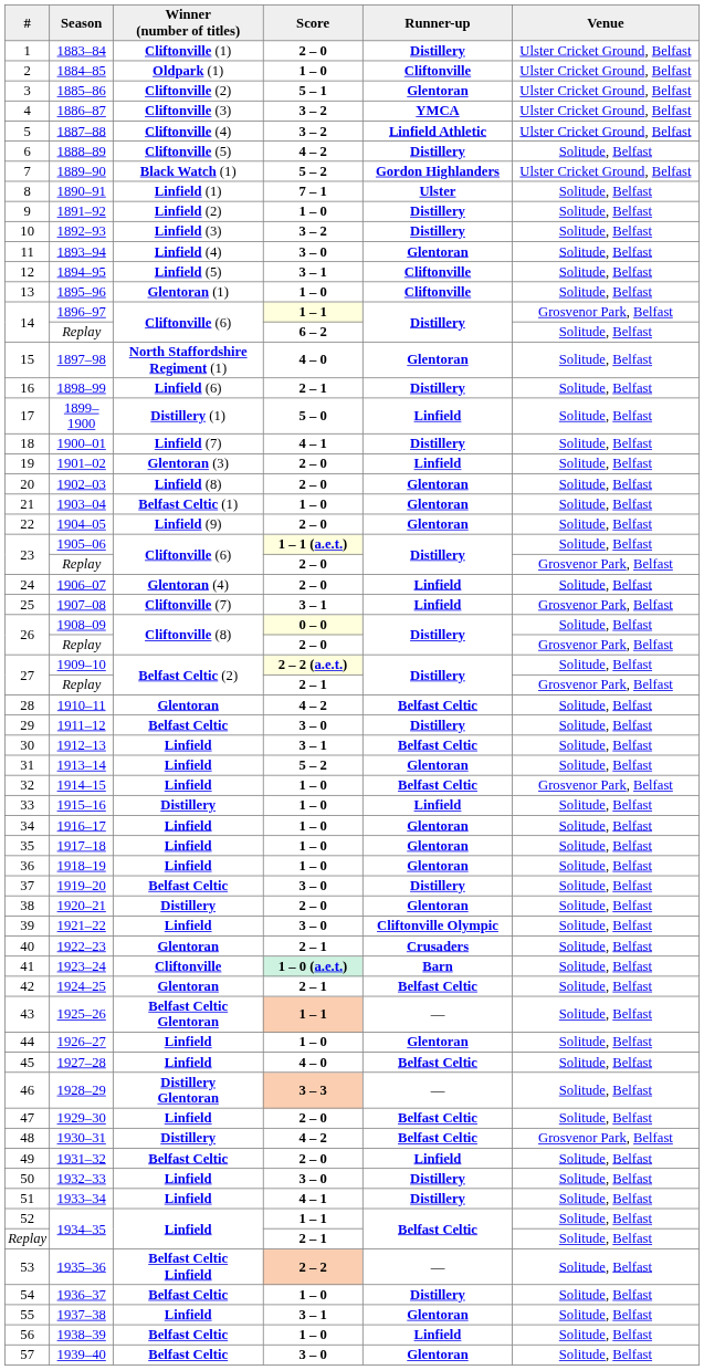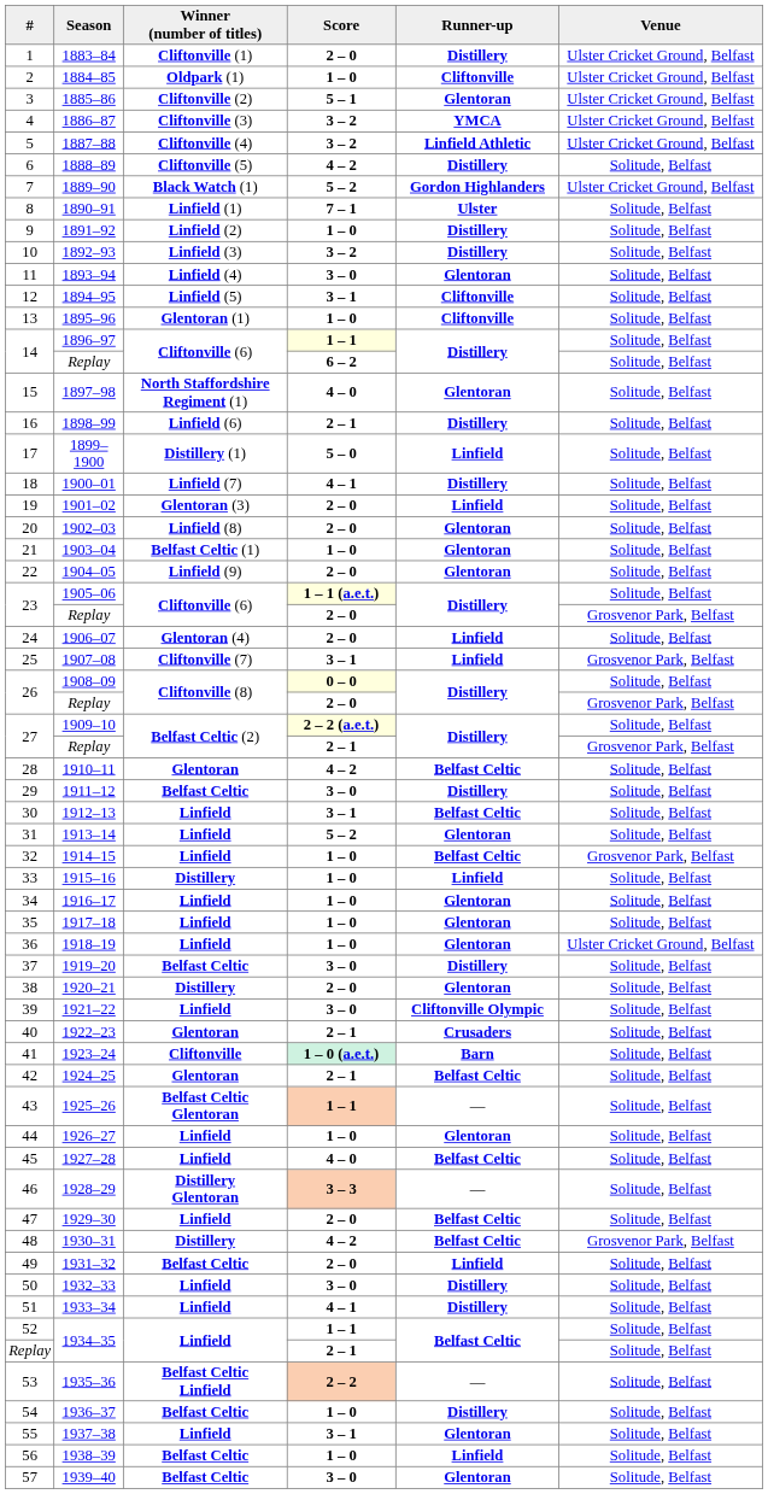 <table class="toccolours" border="1" cellpadding="2" style="border-collapse: collapse; text-align: center; width: 90%; margin: 4 left;">
 <tr style="background: #efefef;">
 <th width="25">#</th>
 <th width="65">Season</th>
 <th width="160">Winner<br>(number of titles)</th>
 <th width="105">Score</th>
 <th width="160">Runner-up</th>
 <th width="200">Venue</th>
 </tr>
 <tr>
 <td>1</td>
 <td><a href='#'>1883–84</a></td>
 <td><strong><a href='#'>Cliftonville</a></strong> (1)</td>
 <td><strong>2 – 0</strong></td>
 <td><strong><a href='#'>Distillery</a></strong></td>
 <td><a href='#'>Ulster Cricket Ground</a>, <a href='#'>Belfast</a></td>
 </tr>
 <tr>
 <td>2</td>
 <td><a href='#'>1884–85</a></td>
 <td><strong><a href='#'>Oldpark</a></strong> (1)</td>
 <td><strong>1 – 0</strong></td>
 <td><strong><a href='#'>Cliftonville</a></strong></td>
 <td><a href='#'>Ulster Cricket Ground</a>, <a href='#'>Belfast</a></td>
 </tr>
 <tr>
 <td>3</td>
 <td><a href='#'>1885–86</a></td>
 <td><strong><a href='#'>Cliftonville</a></strong> (2)</td>
 <td><strong>5 – 1</strong></td>
 <td><strong><a href='#'>Glentoran</a></strong></td>
 <td><a href='#'>Ulster Cricket Ground</a>, <a href='#'>Belfast</a></td>
 </tr>
 <tr>
 <td>4</td>
 <td><a href='#'>1886–87</a></td>
 <td><strong><a href='#'>Cliftonville</a></strong> (3)</td>
 <td><strong>3 – 2</strong></td>
 <td><strong><a href='#'>YMCA</a></strong></td>
 <td><a href='#'>Ulster Cricket Ground</a>, <a href='#'>Belfast</a></td>
 </tr>
 <tr>
 <td>5</td>
 <td><a href='#'>1887–88</a></td>
 <td><strong><a href='#'>Cliftonville</a></strong> (4)</td>
 <td><strong>3 – 2</strong></td>
 <td><strong><a href='#'>Linfield Athletic</a></strong></td>
 <td><a href='#'>Ulster Cricket Ground</a>, <a href='#'>Belfast</a></td>
 </tr>
 <tr>
 <td>6</td>
 <td><a href='#'>1888–89</a></td>
 <td><strong><a href='#'>Cliftonville</a></strong> (5)</td>
 <td><strong>4 – 2</strong></td>
 <td><strong><a href='#'>Distillery</a></strong></td>
 <td><a href='#'>Solitude</a>, <a href='#'>Belfast</a></td>
 </tr>
 <tr>
 <td>7</td>
 <td><a href='#'>1889–90</a></td>
 <td><strong><a href='#'>Black Watch</a></strong> (1)</td>
 <td><strong>5 – 2</strong></td>
 <td><strong><a href='#'>Gordon Highlanders</a></strong></td>
 <td><a href='#'>Ulster Cricket Ground</a>, <a href='#'>Belfast</a></td>
 </tr>
 <tr>
 <td>8</td>
 <td><a href='#'>1890–91</a></td>
 <td><strong><a href='#'>Linfield</a></strong> (1)</td>
 <td><strong>7 – 1</strong></td>
 <td><strong><a href='#'>Ulster</a></strong></td>
 <td><a href='#'>Solitude</a>, <a href='#'>Belfast</a></td>
 </tr>
 <tr>
 <td>9</td>
 <td><a href='#'>1891–92</a></td>
 <td><strong><a href='#'>Linfield</a></strong> (2)</td>
 <td><strong>1 – 0</strong></td>
 <td><strong><a href='#'>Distillery</a></strong></td>
 <td><a href='#'>Solitude</a>, <a href='#'>Belfast</a></td>
 </tr>
 <tr>
 <td>10</td>
 <td><a href='#'>1892–93</a></td>
 <td><strong><a href='#'>Linfield</a></strong> (3)</td>
 <td><strong>3 – 2</strong></td>
 <td><strong><a href='#'>Distillery</a></strong></td>
 <td><a href='#'>Solitude</a>, <a href='#'>Belfast</a></td>
 </tr>
 <tr>
 <td>11</td>
 <td><a href='#'>1893–94</a></td>
 <td><strong><a href='#'>Linfield</a></strong> (4)</td>
 <td><strong>3 – 0</strong></td>
 <td><strong><a href='#'>Glentoran</a></strong></td>
 <td><a href='#'>Solitude</a>, <a href='#'>Belfast</a></td>
 </tr>
 <tr>
 <td>12</td>
 <td><a href='#'>1894–95</a></td>
 <td><strong><a href='#'>Linfield</a></strong> (5)</td>
 <td><strong>3 – 1</strong></td>
 <td><strong><a href='#'>Cliftonville</a></strong></td>
 <td><a href='#'>Solitude</a>, <a href='#'>Belfast</a></td>
 </tr>
 <tr>
 <td>13</td>
 <td><a href='#'>1895–96</a></td>
 <td><strong><a href='#'>Glentoran</a></strong> (1)</td>
 <td><strong>1 – 0</strong></td>
 <td><strong><a href='#'>Cliftonville</a></strong></td>
 <td><a href='#'>Solitude</a>, <a href='#'>Belfast</a></td>
 </tr>
 <tr>
 <td rowspan=2>14</td>
 <td><a href='#'>1896–97</a></td>
 <td rowspan=2><strong><a href='#'>Cliftonville</a></strong> (6)</td>
 <td style="background:#ffffdd;"><strong>1 – 1</strong></td>
 <td rowspan=2><strong><a href='#'>Distillery</a></strong></td>
-<td><a href='#'>Grosvenor Park</a>, <a href='#'>Belfast</a></td>
+<td><a href='#'>Solitude</a>, <a href='#'>Belfast</a></td>
 </tr>
 <tr>
 <td><em>Replay</em></td>
 <td><strong>6 – 2</strong></td>
 <td><a href='#'>Solitude</a>, <a href='#'>Belfast</a></td>
 </tr>
 <tr>
 <td>15</td>
 <td><a href='#'>1897–98</a></td>
 <td><strong><a href='#'>North Staffordshire Regiment</a></strong> (1)</td>
 <td><strong>4 – 0</strong></td>
 <td><strong><a href='#'>Glentoran</a></strong></td>
 <td><a href='#'>Solitude</a>, <a href='#'>Belfast</a></td>
 </tr>
 <tr>
 <td>16</td>
 <td><a href='#'>1898–99</a></td>
 <td><strong><a href='#'>Linfield</a></strong> (6)</td>
 <td><strong>2 – 1</strong></td>
 <td><strong><a href='#'>Distillery</a></strong></td>
 <td><a href='#'>Solitude</a>, <a href='#'>Belfast</a></td>
 </tr>
 <tr>
 <td>17</td>
 <td><a href='#'>1899–1900</a></td>
 <td><strong><a href='#'>Distillery</a></strong> (1)</td>
 <td><strong>5 – 0</strong></td>
 <td><strong><a href='#'>Linfield</a></strong></td>
 <td><a href='#'>Solitude</a>, <a href='#'>Belfast</a></td>
 </tr>
 <tr>
 <td>18</td>
 <td><a href='#'>1900–01</a></td>
 <td><strong><a href='#'>Linfield</a></strong> (7)</td>
 <td><strong>4 – 1</strong></td>
 <td><strong><a href='#'>Distillery</a></strong></td>
 <td><a href='#'>Solitude</a>, <a href='#'>Belfast</a></td>
 </tr>
 <tr>
 <td>19</td>
 <td><a href='#'>1901–02</a></td>
 <td><strong><a href='#'>Glentoran</a></strong> (3)</td>
 <td><strong>2 – 0</strong></td>
 <td><strong><a href='#'>Linfield</a></strong></td>
 <td><a href='#'>Solitude</a>, <a href='#'>Belfast</a></td>
 </tr>
 <tr>
 <td>20</td>
 <td><a href='#'>1902–03</a></td>
 <td><strong><a href='#'>Linfield</a></strong> (8)</td>
 <td><strong>2 – 0</strong></td>
 <td><strong><a href='#'>Glentoran</a></strong></td>
 <td><a href='#'>Solitude</a>, <a href='#'>Belfast</a></td>
 </tr>
 <tr>
 <td>21</td>
 <td><a href='#'>1903–04</a></td>
 <td><strong><a href='#'>Belfast Celtic</a></strong> (1)</td>
 <td><strong>1 – 0</strong></td>
 <td><strong><a href='#'>Glentoran</a></strong></td>
 <td><a href='#'>Solitude</a>, <a href='#'>Belfast</a></td>
 </tr>
 <tr>
 <td>22</td>
 <td><a href='#'>1904–05</a></td>
 <td><strong><a href='#'>Linfield</a></strong> (9)</td>
 <td><strong>2 – 0</strong></td>
 <td><strong><a href='#'>Glentoran</a></strong></td>
 <td><a href='#'>Solitude</a>, <a href='#'>Belfast</a></td>
 </tr>
 <tr>
 <td rowspan=2>23</td>
 <td><a href='#'>1905–06</a></td>
 <td rowspan=2><strong><a href='#'>Cliftonville</a></strong> (6)</td>
 <td style="background:#ffffdd;"><strong>1 – 1 (<a href='#'>a.e.t.</a>)</strong></td>
 <td rowspan=2><strong><a href='#'>Distillery</a></strong></td>
 <td><a href='#'>Solitude</a>, <a href='#'>Belfast</a></td>
 </tr>
 <tr>
 <td><em>Replay</em></td>
 <td><strong>2 – 0</strong></td>
 <td><a href='#'>Grosvenor Park</a>, <a href='#'>Belfast</a></td>
 </tr>
 <tr>
 <td>24</td>
 <td><a href='#'>1906–07</a></td>
 <td><strong><a href='#'>Glentoran</a></strong> (4)</td>
 <td><strong>2 – 0</strong></td>
 <td><strong><a href='#'>Linfield</a></strong></td>
 <td><a href='#'>Solitude</a>, <a href='#'>Belfast</a></td>
 </tr>
 <tr>
 <td>25</td>
 <td><a href='#'>1907–08</a></td>
 <td><strong><a href='#'>Cliftonville</a></strong> (7)</td>
 <td><strong>3 – 1</strong></td>
 <td><strong><a href='#'>Linfield</a></strong></td>
 <td><a href='#'>Grosvenor Park</a>, <a href='#'>Belfast</a></td>
 </tr>
 <tr>
 <td rowspan=2>26</td>
 <td><a href='#'>1908–09</a></td>
 <td rowspan=2><strong><a href='#'>Cliftonville</a></strong> (8)</td>
 <td style="background:#ffffdd;"><strong>0 – 0</strong></td>
 <td rowspan=2><strong><a href='#'>Distillery</a></strong></td>
 <td><a href='#'>Solitude</a>, <a href='#'>Belfast</a></td>
 </tr>
 <tr>
 <td><em>Replay</em></td>
 <td><strong>2 – 0</strong></td>
 <td><a href='#'>Grosvenor Park</a>, <a href='#'>Belfast</a></td>
 </tr>
 <tr>
 <td rowspan=2>27</td>
 <td><a href='#'>1909–10</a></td>
 <td rowspan=2><strong><a href='#'>Belfast Celtic</a></strong> (2)</td>
 <td style="background:#ffffdd;"><strong>2 – 2 (<a href='#'>a.e.t.</a>)</strong></td>
 <td rowspan=2><strong><a href='#'>Distillery</a></strong></td>
 <td><a href='#'>Solitude</a>, <a href='#'>Belfast</a></td>
 </tr>
 <tr>
 <td><em>Replay</em></td>
 <td><strong>2 – 1</strong></td>
 <td><a href='#'>Grosvenor Park</a>, <a href='#'>Belfast</a></td>
 </tr>
 <tr>
 <td>28</td>
 <td><a href='#'>1910–11</a></td>
 <td><strong><a href='#'>Glentoran</a></strong></td>
 <td><strong>4 – 2</strong></td>
 <td><strong><a href='#'>Belfast Celtic</a></strong></td>
 <td><a href='#'>Solitude</a>, <a href='#'>Belfast</a></td>
 </tr>
 <tr>
 <td>29</td>
 <td><a href='#'>1911–12</a></td>
 <td><strong><a href='#'>Belfast Celtic</a></strong></td>
 <td><strong>3 – 0</strong></td>
 <td><strong><a href='#'>Distillery</a></strong></td>
 <td><a href='#'>Solitude</a>, <a href='#'>Belfast</a></td>
 </tr>
 <tr>
 <td>30</td>
 <td><a href='#'>1912–13</a></td>
 <td><strong><a href='#'>Linfield</a></strong></td>
 <td><strong>3 – 1</strong></td>
 <td><strong><a href='#'>Belfast Celtic</a></strong></td>
 <td><a href='#'>Solitude</a>, <a href='#'>Belfast</a></td>
 </tr>
 <tr>
 <td>31</td>
 <td><a href='#'>1913–14</a></td>
 <td><strong><a href='#'>Linfield</a></strong></td>
 <td><strong>5 – 2</strong></td>
 <td><strong><a href='#'>Glentoran</a></strong></td>
 <td><a href='#'>Solitude</a>, <a href='#'>Belfast</a></td>
 </tr>
 <tr>
 <td>32</td>
 <td><a href='#'>1914–15</a></td>
 <td><strong><a href='#'>Linfield</a></strong></td>
 <td><strong>1 – 0</strong></td>
 <td><strong><a href='#'>Belfast Celtic</a></strong></td>
 <td><a href='#'>Grosvenor Park</a>, <a href='#'>Belfast</a></td>
 </tr>
 <tr>
 <td>33</td>
 <td><a href='#'>1915–16</a></td>
 <td><strong><a href='#'>Distillery</a></strong></td>
 <td><strong>1 – 0</strong></td>
 <td><strong><a href='#'>Linfield</a></strong></td>
 <td><a href='#'>Solitude</a>, <a href='#'>Belfast</a></td>
 </tr>
 <tr>
 <td>34</td>
 <td><a href='#'>1916–17</a></td>
 <td><strong><a href='#'>Linfield</a></strong></td>
 <td><strong>1 – 0</strong></td>
 <td><strong><a href='#'>Glentoran</a></strong></td>
 <td><a href='#'>Solitude</a>, <a href='#'>Belfast</a></td>
 </tr>
 <tr>
 <td>35</td>
 <td><a href='#'>1917–18</a></td>
 <td><strong><a href='#'>Linfield</a></strong></td>
 <td><strong>1 – 0</strong></td>
 <td><strong><a href='#'>Glentoran</a></strong></td>
 <td><a href='#'>Solitude</a>, <a href='#'>Belfast</a></td>
 </tr>
 <tr>
 <td>36</td>
 <td><a href='#'>1918–19</a></td>
 <td><strong><a href='#'>Linfield</a></strong></td>
 <td><strong>1 – 0</strong></td>
 <td><strong><a href='#'>Glentoran</a></strong></td>
-<td><a href='#'>Solitude</a>, <a href='#'>Belfast</a></td>
+<td><a href='#'>Ulster Cricket Ground</a>, <a href='#'>Belfast</a></td>
 </tr>
 <tr>
 <td>37</td>
 <td><a href='#'>1919–20</a></td>
 <td><strong><a href='#'>Belfast Celtic</a></strong></td>
 <td><strong>3 – 0</strong></td>
 <td><strong><a href='#'>Distillery</a></strong></td>
 <td><a href='#'>Solitude</a>, <a href='#'>Belfast</a></td>
 </tr>
 <tr>
 <td>38</td>
 <td><a href='#'>1920–21</a></td>
 <td><strong><a href='#'>Distillery</a></strong></td>
 <td><strong>2 – 0</strong></td>
 <td><strong><a href='#'>Glentoran</a></strong></td>
 <td><a href='#'>Solitude</a>, <a href='#'>Belfast</a></td>
 </tr>
 <tr>
 <td>39</td>
 <td><a href='#'>1921–22</a></td>
 <td><strong><a href='#'>Linfield</a></strong></td>
 <td><strong>3 – 0</strong></td>
 <td><strong><a href='#'>Cliftonville Olympic</a></strong></td>
 <td><a href='#'>Solitude</a>, <a href='#'>Belfast</a></td>
 </tr>
 <tr>
 <td>40</td>
 <td><a href='#'>1922–23</a></td>
 <td><strong><a href='#'>Glentoran</a></strong></td>
 <td><strong>2 – 1</strong></td>
 <td><strong><a href='#'>Crusaders</a></strong></td>
 <td><a href='#'>Solitude</a>, <a href='#'>Belfast</a></td>
 </tr>
 <tr>
 <td>41</td>
 <td><a href='#'>1923–24</a></td>
 <td><strong><a href='#'>Cliftonville</a></strong></td>
 <td style="background:#cef2e0;"><strong>1 – 0 (<a href='#'>a.e.t.</a>)</strong></td>
 <td><strong><a href='#'>Barn</a></strong></td>
 <td><a href='#'>Solitude</a>, <a href='#'>Belfast</a></td>
 </tr>
 <tr>
 <td>42</td>
 <td><a href='#'>1924–25</a></td>
 <td><strong><a href='#'>Glentoran</a></strong></td>
 <td><strong>2 – 1</strong></td>
 <td><strong><a href='#'>Belfast Celtic</a></strong></td>
 <td><a href='#'>Solitude</a>, <a href='#'>Belfast</a></td>
 </tr>
 <tr>
 <td>43</td>
 <td><a href='#'>1925–26</a></td>
 <td><strong><a href='#'>Belfast Celtic</a></strong><br><strong><a href='#'>Glentoran</a></strong></td>
 <td style="background:#fbceb1;"><strong>1 – 1</strong></td>
 <td>—</td>
 <td><a href='#'>Solitude</a>, <a href='#'>Belfast</a></td>
 </tr>
 <tr>
 <td>44</td>
 <td><a href='#'>1926–27</a></td>
 <td><strong><a href='#'>Linfield</a></strong></td>
 <td><strong>1 – 0</strong></td>
 <td><strong><a href='#'>Glentoran</a></strong></td>
 <td><a href='#'>Solitude</a>, <a href='#'>Belfast</a></td>
 </tr>
 <tr>
 <td>45</td>
 <td><a href='#'>1927–28</a></td>
 <td><strong><a href='#'>Linfield</a></strong></td>
 <td><strong>4 – 0</strong></td>
 <td><strong><a href='#'>Belfast Celtic</a></strong></td>
 <td><a href='#'>Solitude</a>, <a href='#'>Belfast</a></td>
 </tr>
 <tr>
 <td>46</td>
 <td><a href='#'>1928–29</a></td>
 <td><strong><a href='#'>Distillery</a></strong><br><strong><a href='#'>Glentoran</a></strong></td>
 <td style="background:#fbceb1;"><strong>3 – 3</strong></td>
 <td>—</td>
 <td><a href='#'>Solitude</a>, <a href='#'>Belfast</a></td>
 </tr>
 <tr>
 <td>47</td>
 <td><a href='#'>1929–30</a></td>
 <td><strong><a href='#'>Linfield</a></strong></td>
 <td><strong>2 – 0</strong></td>
 <td><strong><a href='#'>Belfast Celtic</a></strong></td>
 <td><a href='#'>Solitude</a>, <a href='#'>Belfast</a></td>
 </tr>
 <tr>
 <td>48</td>
 <td><a href='#'>1930–31</a></td>
 <td><strong><a href='#'>Distillery</a></strong></td>
 <td><strong>4 – 2</strong></td>
 <td><strong><a href='#'>Belfast Celtic</a></strong></td>
 <td><a href='#'>Grosvenor Park</a>, <a href='#'>Belfast</a></td>
 </tr>
 <tr>
 <td>49</td>
 <td><a href='#'>1931–32</a></td>
 <td><strong><a href='#'>Belfast Celtic</a></strong></td>
 <td><strong>2 – 0</strong></td>
 <td><strong><a href='#'>Linfield</a></strong></td>
 <td><a href='#'>Solitude</a>, <a href='#'>Belfast</a></td>
 </tr>
 <tr>
 <td>50</td>
 <td><a href='#'>1932–33</a></td>
 <td><strong><a href='#'>Linfield</a></strong></td>
 <td><strong>3 – 0</strong></td>
 <td><strong><a href='#'>Distillery</a></strong></td>
 <td><a href='#'>Solitude</a>, <a href='#'>Belfast</a></td>
 </tr>
 <tr>
 <td>51</td>
 <td><a href='#'>1933–34</a></td>
 <td><strong><a href='#'>Linfield</a></strong></td>
 <td><strong>4 – 1</strong></td>
 <td><strong><a href='#'>Distillery</a></strong></td>
 <td><a href='#'>Solitude</a>, <a href='#'>Belfast</a></td>
 </tr>
 <tr>
 <td>52</td>
 <td rowspan=2><a href='#'>1934–35</a></td>
 <td rowspan=2><strong><a href='#'>Linfield</a></strong></td>
 <td><strong>1 – 1</strong></td>
 <td rowspan=2><strong><a href='#'>Belfast Celtic</a></strong></td>
 <td><a href='#'>Solitude</a>, <a href='#'>Belfast</a></td>
 </tr>
 <tr>
 <td><em>Replay</em></td>
 <td><strong>2 – 1</strong></td>
 <td><a href='#'>Solitude</a>, <a href='#'>Belfast</a></td>
 </tr>
 <tr>
 <td>53</td>
 <td><a href='#'>1935–36</a></td>
 <td><strong><a href='#'>Belfast Celtic</a></strong><br><strong><a href='#'>Linfield</a></strong></td>
 <td style="background:#fbceb1;"><strong>2 – 2</strong></td>
 <td>—</td>
 <td><a href='#'>Solitude</a>, <a href='#'>Belfast</a></td>
 </tr>
 <tr>
 <td>54</td>
 <td><a href='#'>1936–37</a></td>
 <td><strong><a href='#'>Belfast Celtic</a></strong></td>
 <td><strong>1 – 0</strong></td>
 <td><strong><a href='#'>Distillery</a></strong></td>
 <td><a href='#'>Solitude</a>, <a href='#'>Belfast</a></td>
 </tr>
 <tr>
 <td>55</td>
 <td><a href='#'>1937–38</a></td>
 <td><strong><a href='#'>Linfield</a></strong></td>
 <td><strong>3 – 1</strong></td>
 <td><strong><a href='#'>Glentoran</a></strong></td>
 <td><a href='#'>Solitude</a>, <a href='#'>Belfast</a></td>
 </tr>
 <tr>
 <td>56</td>
 <td><a href='#'>1938–39</a></td>
 <td><strong><a href='#'>Belfast Celtic</a></strong></td>
 <td><strong>1 – 0</strong></td>
 <td><strong><a href='#'>Linfield</a></strong></td>
 <td><a href='#'>Solitude</a>, <a href='#'>Belfast</a></td>
 </tr>
 <tr>
 <td>57</td>
 <td><a href='#'>1939–40</a></td>
 <td><strong><a href='#'>Belfast Celtic</a></strong></td>
 <td><strong>3 – 0</strong></td>
 <td><strong><a href='#'>Glentoran</a></strong></td>
 <td><a href='#'>Solitude</a>, <a href='#'>Belfast</a></td>
 </tr>
 </table>
